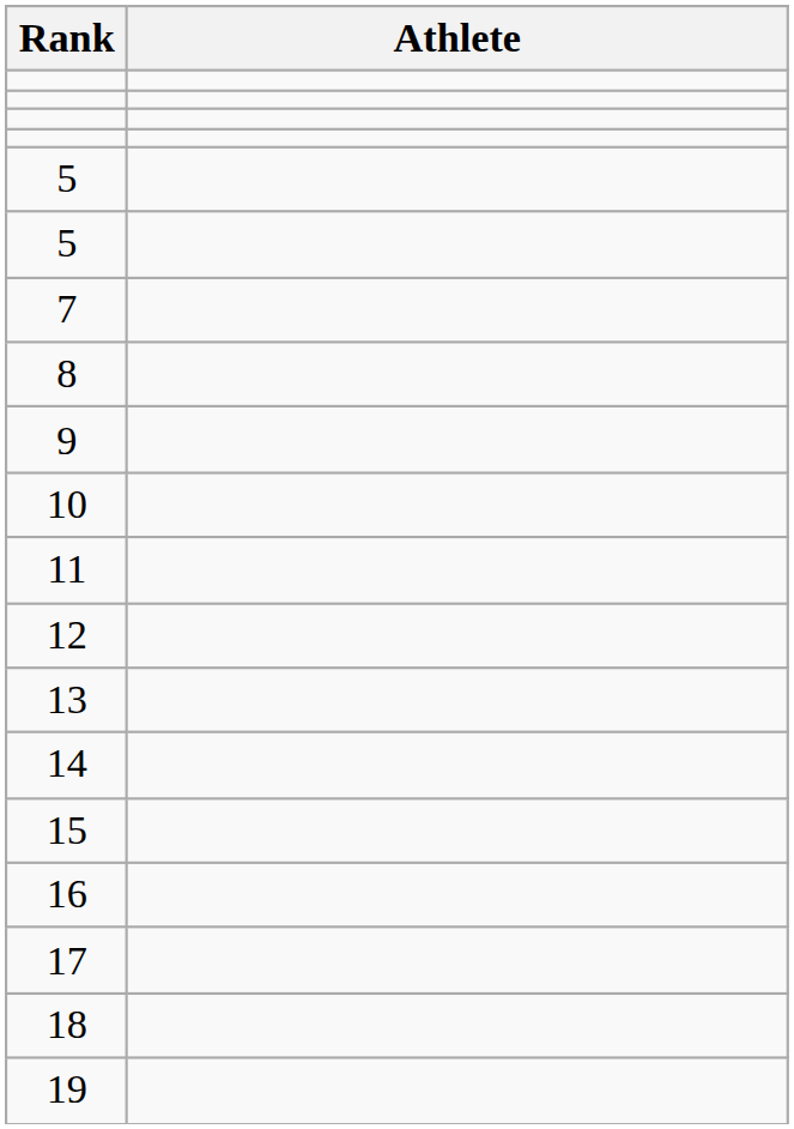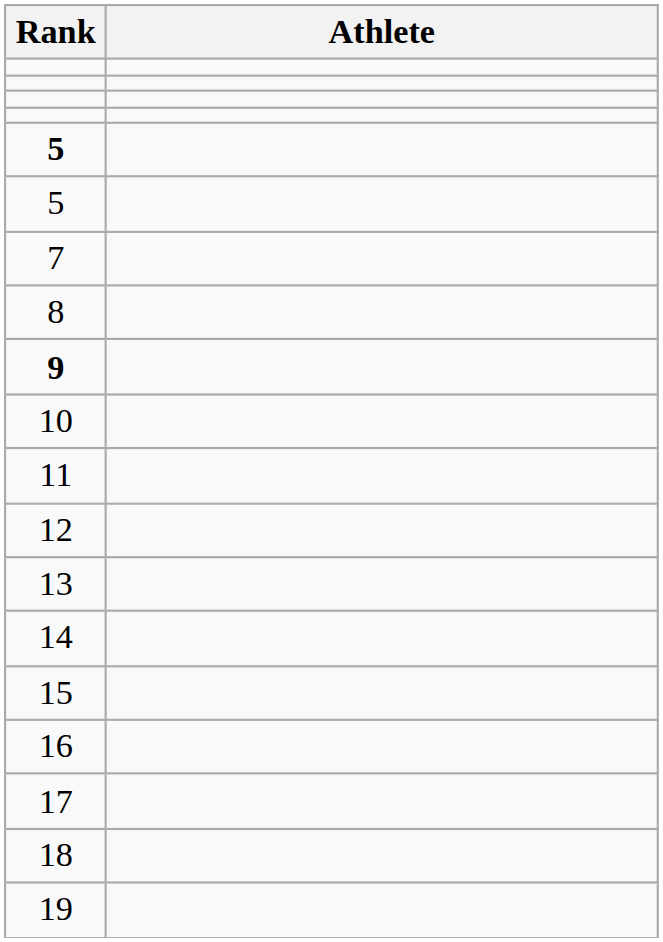 <table class="wikitable" style="text-align: center;">
 <tr>
 <th width=40>Rank</th>
 <th width=250>Athlete</th>
 </tr>
 <tr>
 <td></td>
 <td align="left"></td>
 </tr>
 <tr>
 <td></td>
 <td align="left"></td>
 </tr>
 <tr>
 <td></td>
 <td align="left"></td>
 </tr>
 <tr>
 <td></td>
 <td align="left"></td>
 </tr>
 <tr>
-<td>5</td>
+<td><strong>5</strong></td>
 <td align="left"></td>
 </tr>
 <tr>
 <td>5</td>
 <td align="left"></td>
 </tr>
 <tr>
 <td>7</td>
 <td align="left"></td>
 </tr>
 <tr>
 <td>8</td>
 <td align="left"></td>
 </tr>
 <tr>
-<td>9</td>
+<td><strong>9</strong></td>
 <td align="left"></td>
 </tr>
 <tr>
 <td>10</td>
 <td align="left"></td>
 </tr>
 <tr>
 <td>11</td>
 <td align="left"></td>
 </tr>
 <tr>
 <td>12</td>
 <td align="left"></td>
 </tr>
 <tr>
 <td>13</td>
 <td align="left"></td>
 </tr>
 <tr>
 <td>14</td>
 <td align="left"></td>
 </tr>
 <tr>
 <td>15</td>
 <td align="left"></td>
 </tr>
 <tr>
 <td>16</td>
 <td align="left"></td>
 </tr>
 <tr>
 <td>17</td>
 <td align="left"></td>
 </tr>
 <tr>
 <td>18</td>
 <td align="left"></td>
 </tr>
 <tr>
 <td>19</td>
 <td align="left"></td>
 </tr>
 </table>
